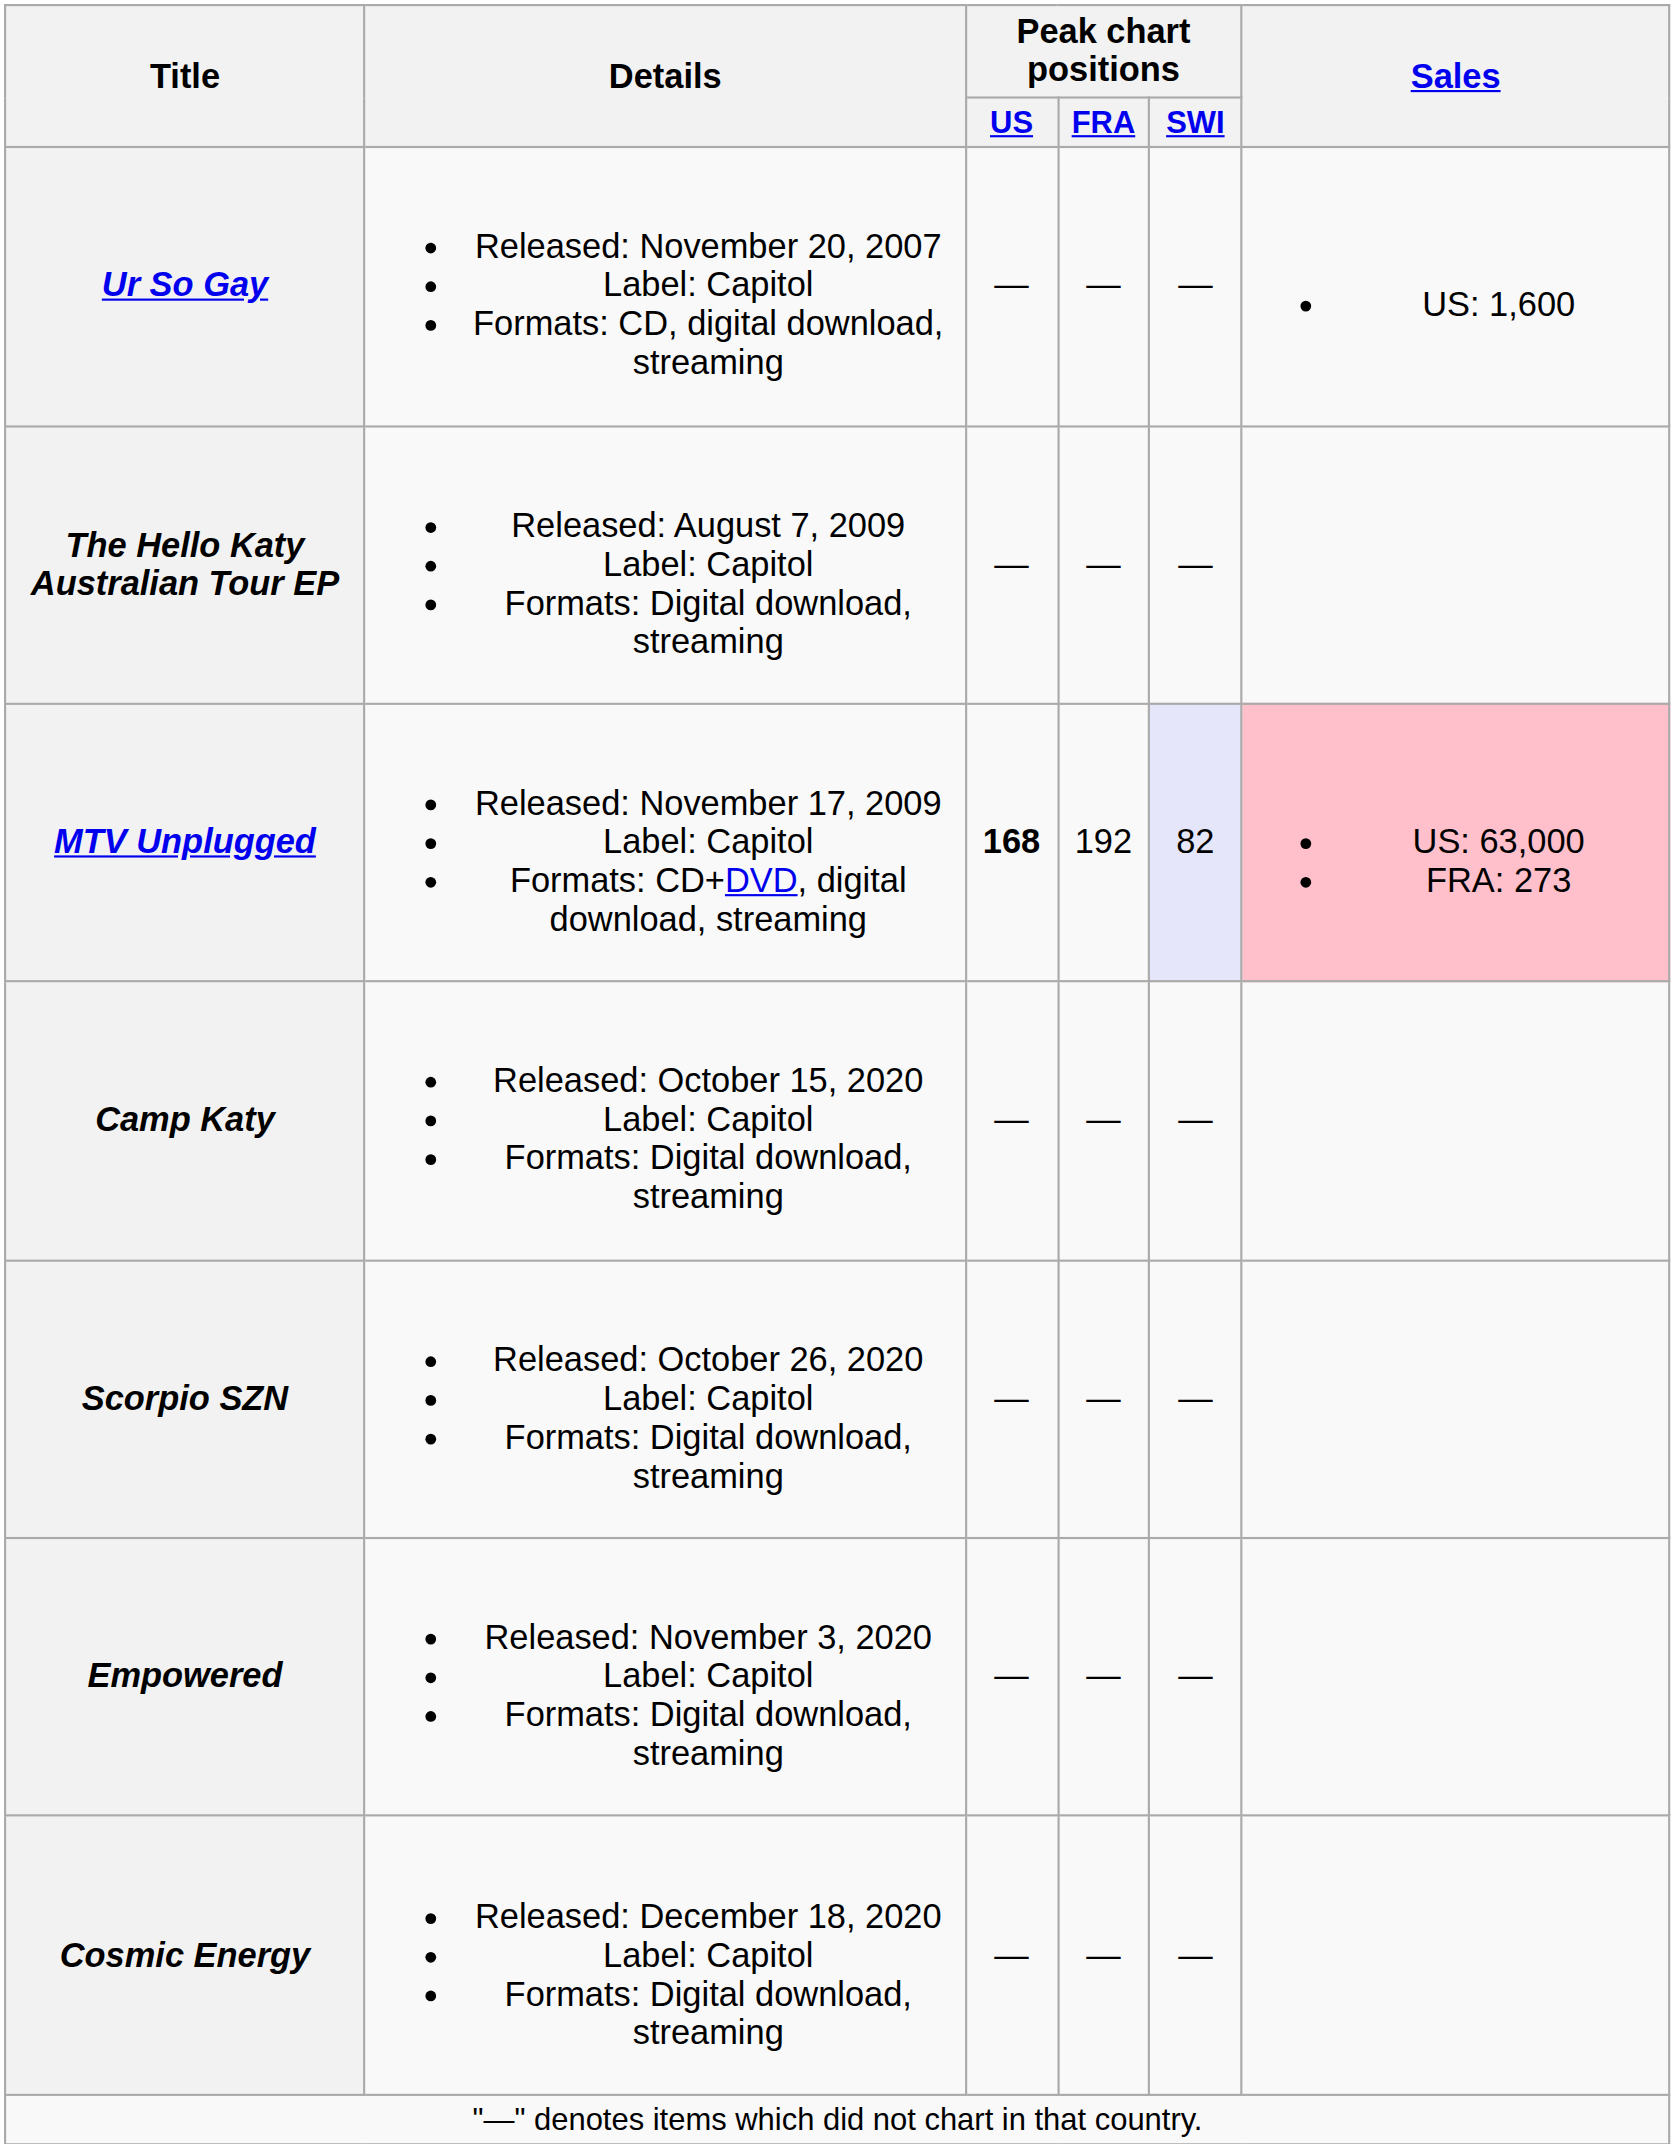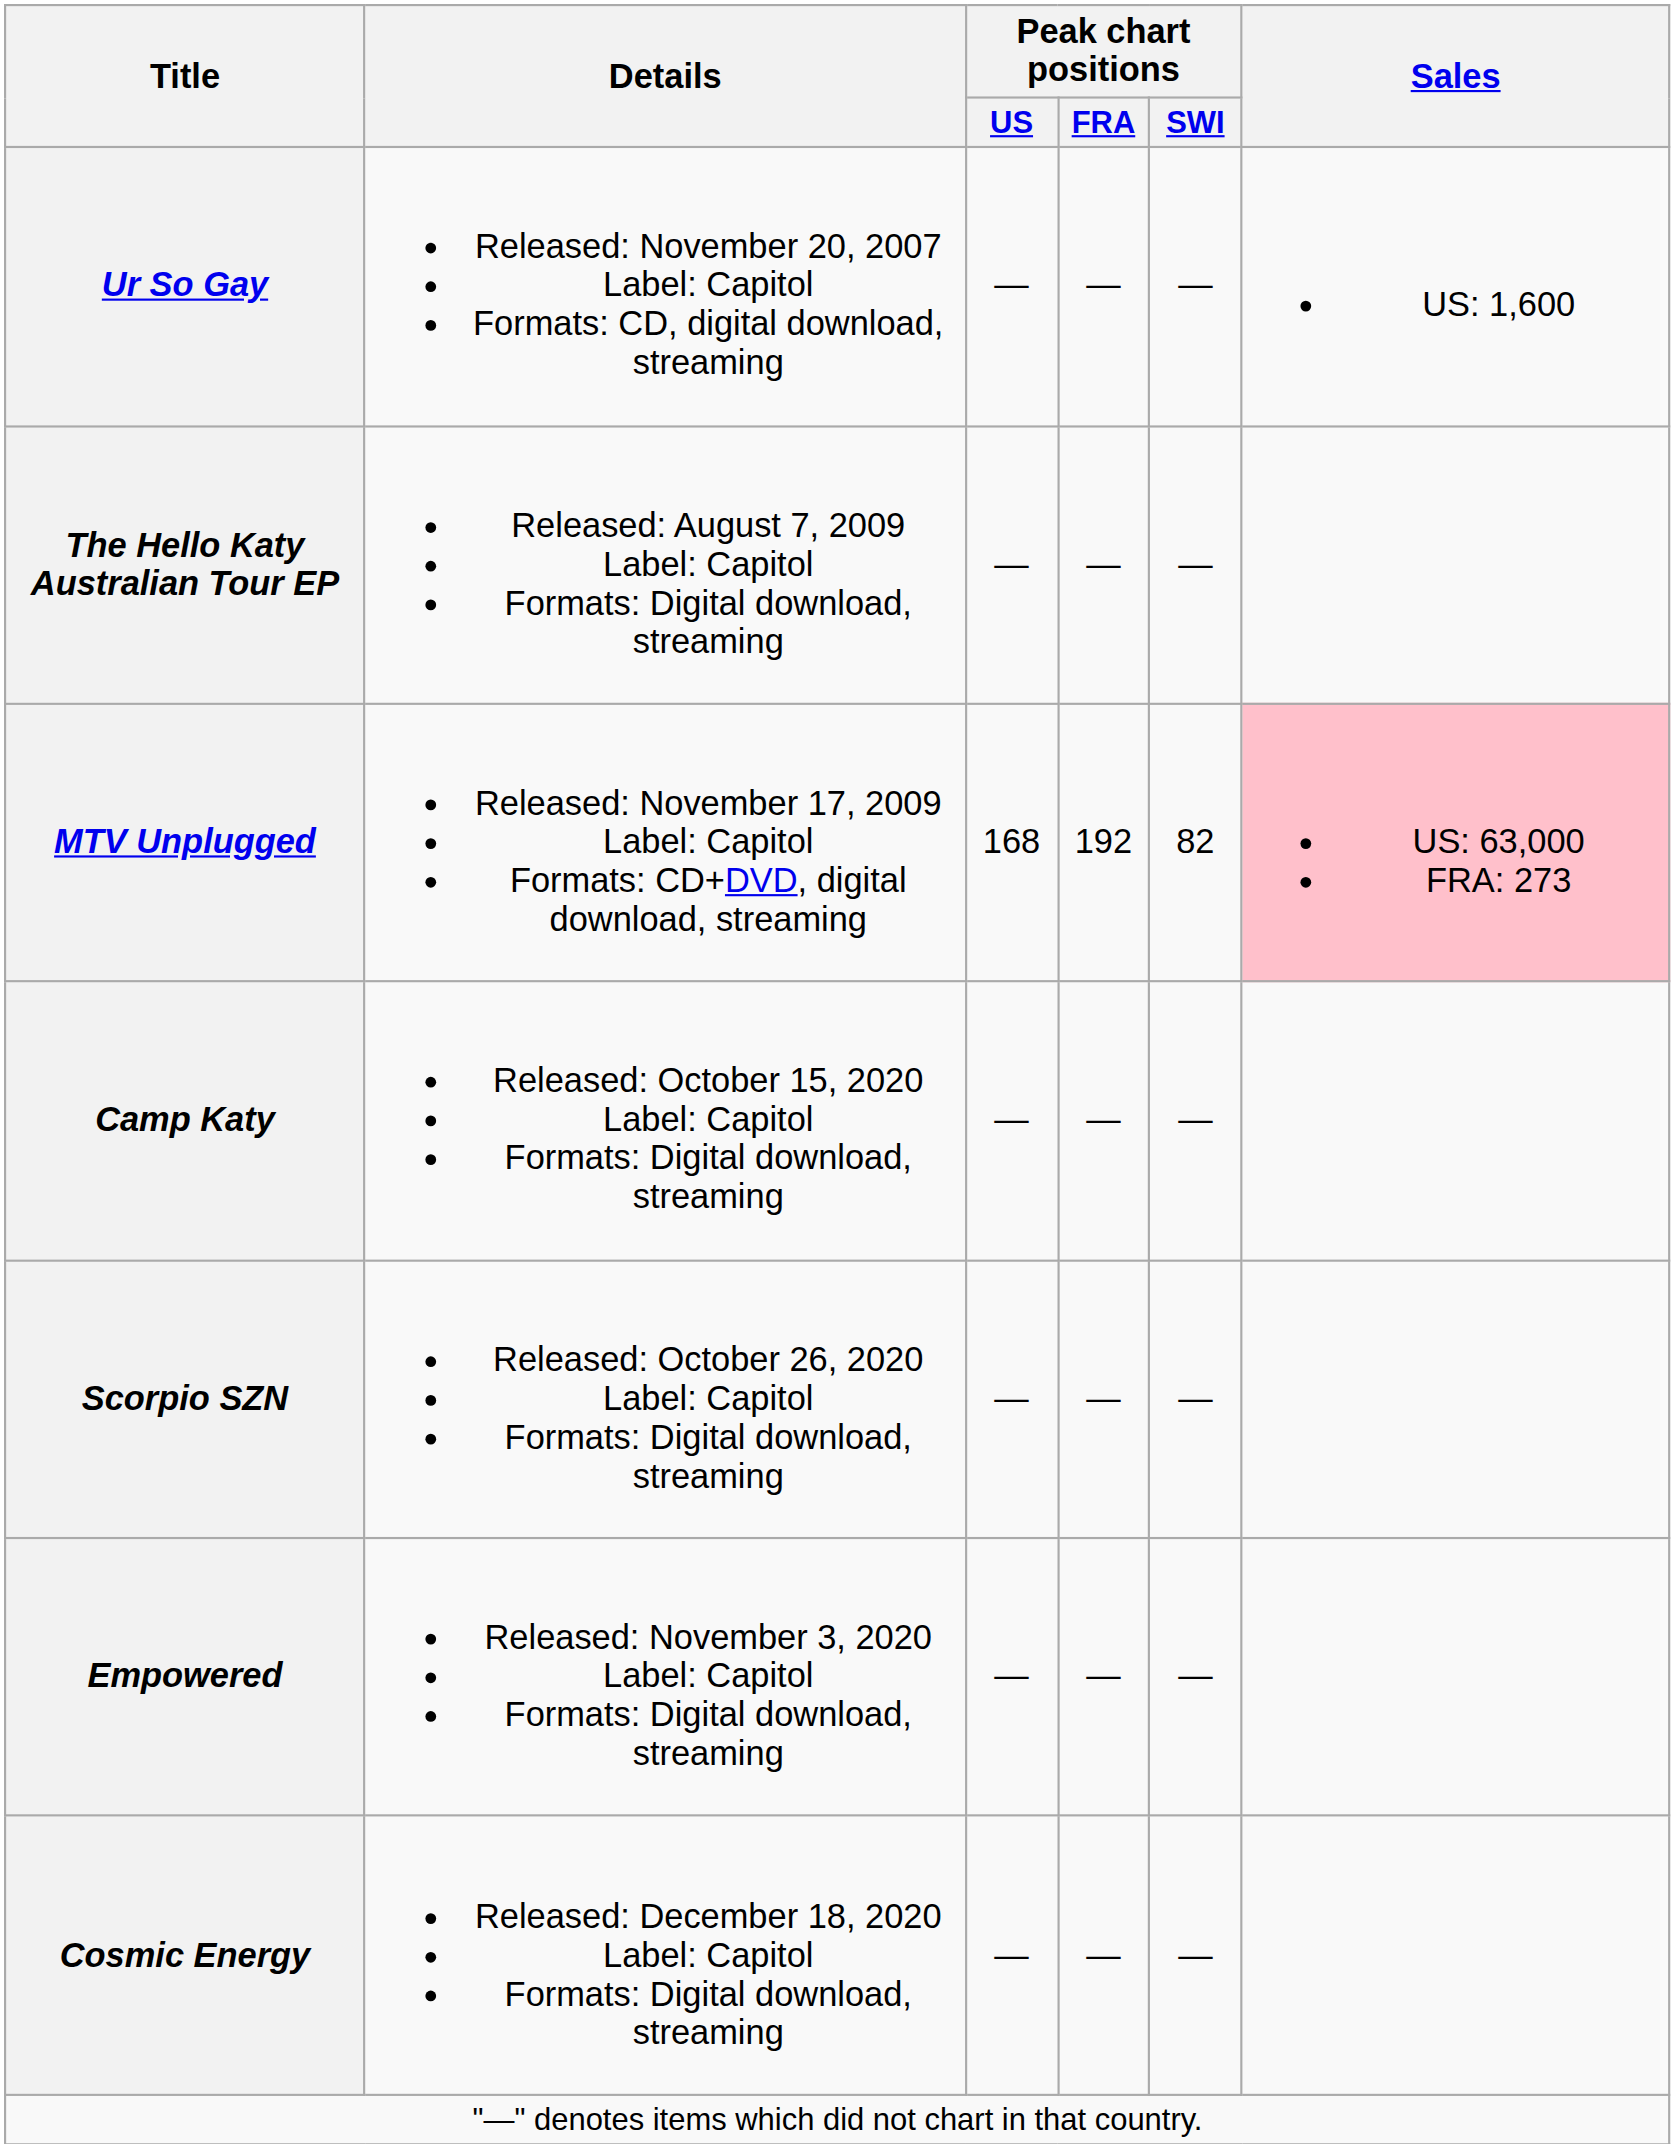 <table class="wikitable plainrowheaders" style="text-align:center;">
 <tr>
 <th scope="col" rowspan="2" style="width:10em;">Title</th>
 <th scope="col" rowspan="2" style="width:17em;">Details</th>
 <th scope="col" colspan="3">Peak chart positions</th>
 <th scope="col" rowspan="2" style="width:12em;"><a href='#'>Sales</a></th>
 </tr>
 <tr>
 <th scope="col" style="width:2.5em;font-size:90%;"><a href='#'>US</a><br></th>
 <th scope="col" style="width:2.5em;font-size:90%;"><a href='#'>FRA</a><br></th>
 <th scope="col" style="width:2.5em;font-size:90%;"><a href='#'>SWI</a><br></th>
 </tr>
 <tr>
 <th scope="row"><em><a href='#'>Ur So Gay</a></em></th>
 <td><br><ul><li>Released: November 20, 2007</li><li>Label: Capitol</li><li>Formats: CD, digital download, streaming</li></ul></td>
 <td>—</td>
 <td>—</td>
 <td>—</td>
 <td><br><ul><li>US: 1,600</li></ul></td>
 </tr>
 <tr>
 <th scope="row"><em>The Hello Katy Australian Tour EP</em></th>
 <td><br><ul><li>Released: August 7, 2009</li><li>Label: Capitol</li><li>Formats: Digital download, streaming</li></ul></td>
 <td>—</td>
 <td>—</td>
 <td>—</td>
 <td></td>
 </tr>
 <tr>
 <th scope="row"><em><a href='#'>MTV Unplugged</a></em></th>
 <td><br><ul><li>Released: November 17, 2009</li><li>Label: Capitol</li><li>Formats: CD+<a href='#'>DVD</a>, digital download, streaming</li></ul></td>
-<td><strong>168</strong></td>
+<td>168</td>
 <td>192</td>
-<td style="background: lavender;">82</td>
+<td>82</td>
 <td style="background: pink;"><br><ul><li>US: 63,000</li><li>FRA: 273</li></ul></td>
 </tr>
 <tr>
 <th scope="row"><em>Camp Katy</em></th>
 <td><br><ul><li>Released: October 15, 2020</li><li>Label: Capitol</li><li>Formats: Digital download, streaming</li></ul></td>
 <td>—</td>
 <td>—</td>
 <td>—</td>
 <td></td>
 </tr>
 <tr>
 <th scope="row"><em>Scorpio SZN</em></th>
 <td><br><ul><li>Released: October 26, 2020</li><li>Label: Capitol</li><li>Formats: Digital download, streaming</li></ul></td>
 <td>—</td>
 <td>—</td>
 <td>—</td>
 <td></td>
 </tr>
 <tr>
 <th scope="row"><em>Empowered</em></th>
 <td><br><ul><li>Released: November 3, 2020</li><li>Label: Capitol</li><li>Formats: Digital download, streaming</li></ul></td>
 <td>—</td>
 <td>—</td>
 <td>—</td>
 <td></td>
 </tr>
 <tr>
 <th scope="row"><em>Cosmic Energy</em></th>
 <td><br><ul><li>Released: December 18, 2020</li><li>Label: Capitol</li><li>Formats: Digital download, streaming</li></ul></td>
 <td>—</td>
 <td>—</td>
 <td>—</td>
 <td></td>
 </tr>
 <tr>
 <td colspan="7" style="font-size:90%;">"—" denotes items which did not chart in that country.</td>
 </tr>
 </table>
